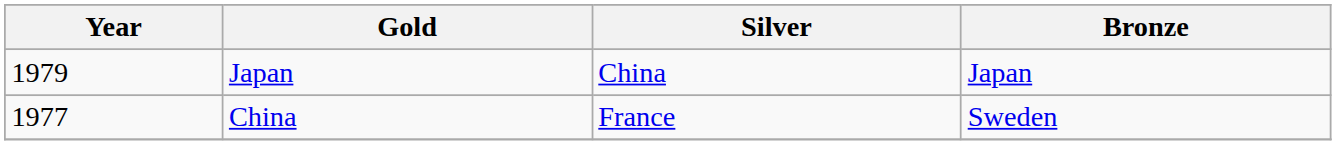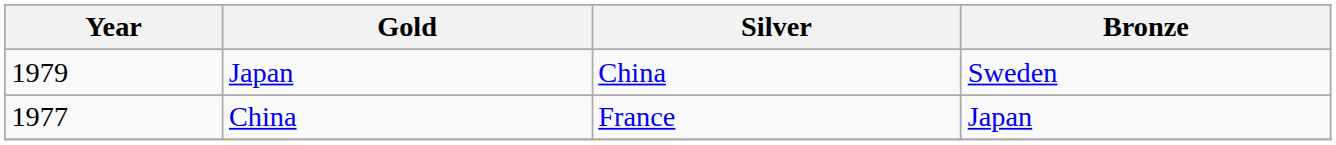 <table class="wikitable" style="text-align: left; width: 750px;">
 <tr>
 <th width="100">Year</th>
 <th width="175">Gold</th>
 <th width="175">Silver</th>
 <th width="175">Bronze</th>
 </tr>
 <tr>
 <td>1979</td>
 <td> <a href='#'>Japan</a></td>
 <td> <a href='#'>China</a></td>
-<td> <a href='#'>Japan</a></td>
+<td> <a href='#'>Sweden</a></td>
 </tr>
 <tr>
 <td>1977</td>
 <td> <a href='#'>China</a></td>
 <td> <a href='#'>France</a></td>
-<td> <a href='#'>Sweden</a></td>
+<td> <a href='#'>Japan</a></td>
 </tr>
 <tr>
 </tr>
 </table>
